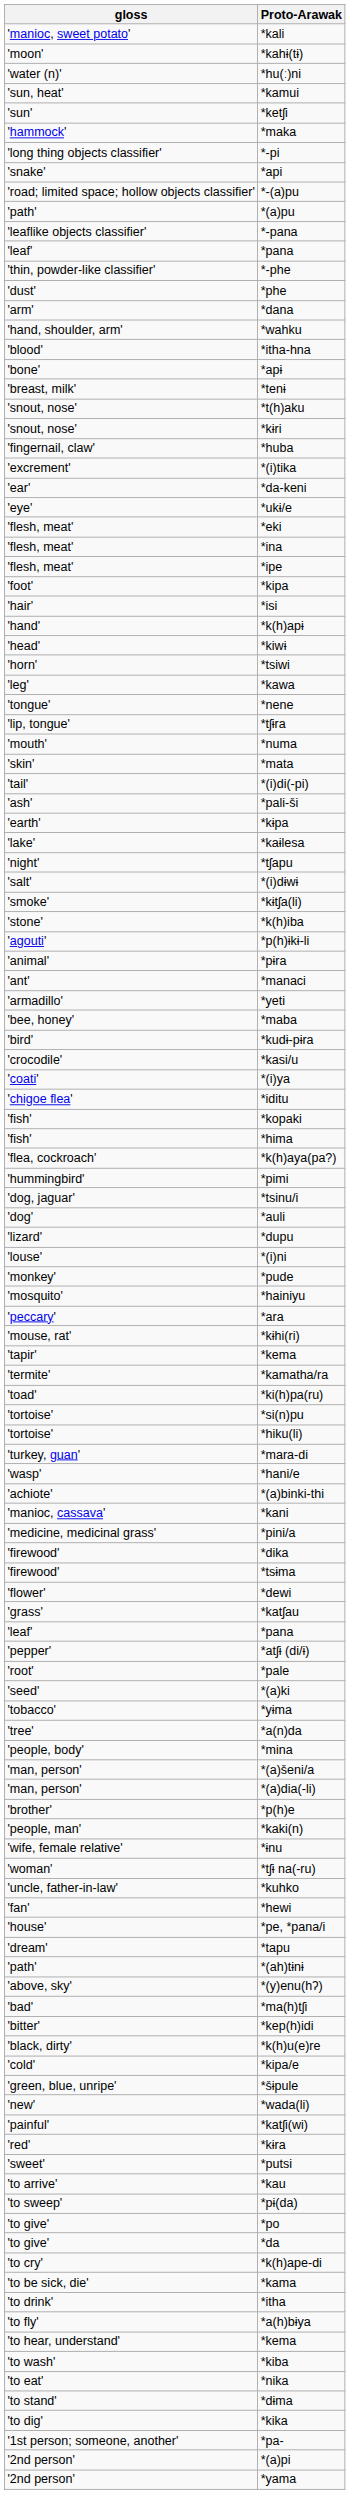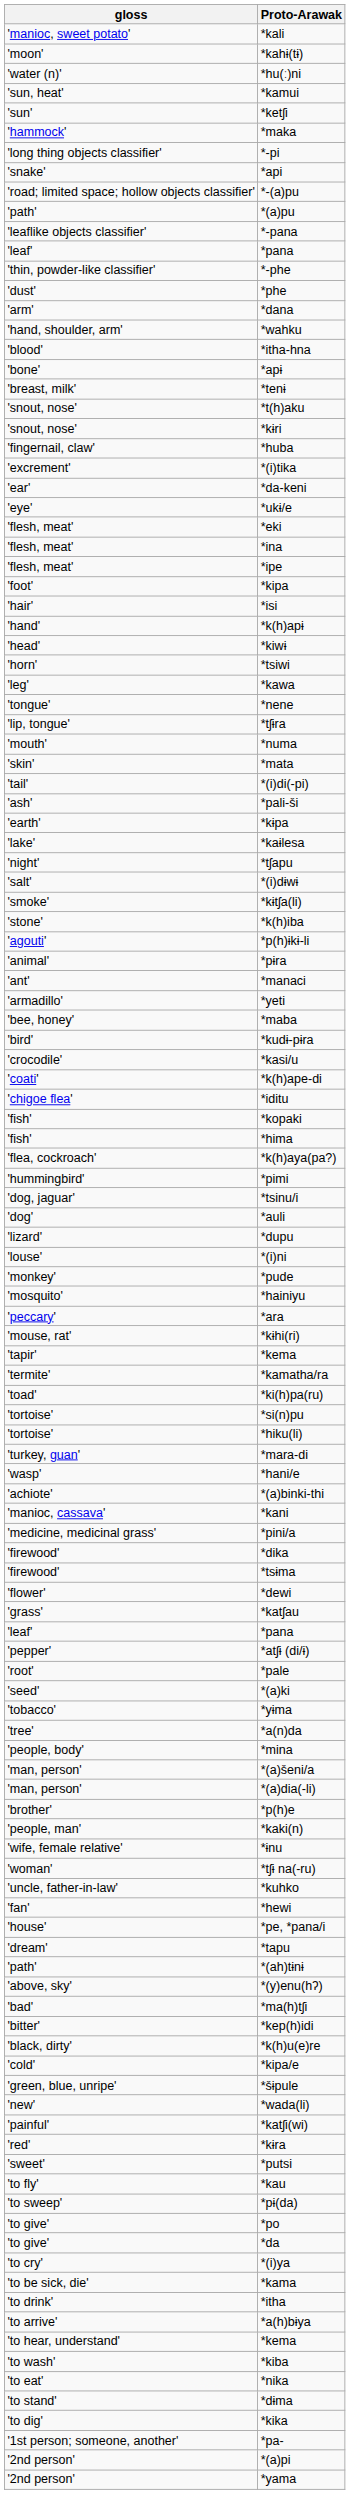 <table class="wikitable sortable" style="font-size: 85%">
 <tr>
 <th>gloss</th>
 <th>Proto-Arawak</th>
 </tr>
 <tr>
 <td>'<a href='#'>manioc</a>, <a href='#'>sweet potato</a>'</td>
 <td>*kali</td>
 </tr>
 <tr>
 <td>'moon'</td>
 <td>*kahɨ(tɨ)</td>
 </tr>
 <tr>
 <td>'water (n)'</td>
 <td>*hu(ː)ni</td>
 </tr>
 <tr>
 <td>'sun, heat'</td>
 <td>*kamui</td>
 </tr>
 <tr>
 <td>'sun'</td>
 <td>*ketʃi</td>
 </tr>
 <tr>
 <td>'<a href='#'>hammock</a>'</td>
 <td>*maka</td>
 </tr>
 <tr>
 <td>'long thing objects classifier'</td>
 <td>*-pi</td>
 </tr>
 <tr>
 <td>'snake'</td>
 <td>*api</td>
 </tr>
 <tr>
 <td>'road; limited space; hollow objects classifier'</td>
 <td>*-(a)pu</td>
 </tr>
 <tr>
 <td>'path'</td>
 <td>*(a)pu</td>
 </tr>
 <tr>
 <td>'leaflike objects classifier'</td>
 <td>*-pana</td>
 </tr>
 <tr>
 <td>'leaf'</td>
 <td>*pana</td>
 </tr>
 <tr>
 <td>'thin, powder-like classifier'</td>
 <td>*-phe</td>
 </tr>
 <tr>
 <td>'dust'</td>
 <td>*phe</td>
 </tr>
 <tr>
 <td>'arm'</td>
 <td>*dana</td>
 </tr>
 <tr>
 <td>'hand, shoulder, arm'</td>
 <td>*wahku</td>
 </tr>
 <tr>
 <td>'blood'</td>
 <td>*itha-hna</td>
 </tr>
 <tr>
 <td>'bone'</td>
 <td>*apɨ</td>
 </tr>
 <tr>
 <td>'breast, milk'</td>
 <td>*tenɨ</td>
 </tr>
 <tr>
 <td>'snout, nose'</td>
 <td>*t(h)aku</td>
 </tr>
 <tr>
 <td>'snout, nose'</td>
 <td>*kɨri</td>
 </tr>
 <tr>
 <td>'fingernail, claw'</td>
 <td>*huba</td>
 </tr>
 <tr>
 <td>'excrement'</td>
 <td>*(i)tika</td>
 </tr>
 <tr>
 <td>'ear'</td>
 <td>*da-keni</td>
 </tr>
 <tr>
 <td>'eye'</td>
 <td>*ukɨ/e</td>
 </tr>
 <tr>
 <td>'flesh, meat'</td>
 <td>*eki</td>
 </tr>
 <tr>
 <td>'flesh, meat'</td>
 <td>*ina</td>
 </tr>
 <tr>
 <td>'flesh, meat'</td>
 <td>*ipe</td>
 </tr>
 <tr>
 <td>'foot'</td>
 <td>*kipa</td>
 </tr>
 <tr>
 <td>'hair'</td>
 <td>*isi</td>
 </tr>
 <tr>
 <td>'hand'</td>
 <td>*k(h)apɨ</td>
 </tr>
 <tr>
 <td>'head'</td>
 <td>*kiwɨ</td>
 </tr>
 <tr>
 <td>'horn'</td>
 <td>*tsiwi</td>
 </tr>
 <tr>
 <td>'leg'</td>
 <td>*kawa</td>
 </tr>
 <tr>
 <td>'tongue'</td>
 <td>*nene</td>
 </tr>
 <tr>
 <td>'lip, tongue'</td>
 <td>*tʃɨra</td>
 </tr>
 <tr>
 <td>'mouth'</td>
 <td>*numa</td>
 </tr>
 <tr>
 <td>'skin'</td>
 <td>*mata</td>
 </tr>
 <tr>
 <td>'tail'</td>
 <td>*(i)di(-pi)</td>
 </tr>
 <tr>
 <td>'ash'</td>
 <td>*pali-ši</td>
 </tr>
 <tr>
 <td>'earth'</td>
 <td>*kɨpa</td>
 </tr>
 <tr>
 <td>'lake'</td>
 <td>*kaɨlesa</td>
 </tr>
 <tr>
 <td>'night'</td>
 <td>*tʃapu</td>
 </tr>
 <tr>
 <td>'salt'</td>
 <td>*(i)dɨwɨ</td>
 </tr>
 <tr>
 <td>'smoke'</td>
 <td>*kɨtʃa(li)</td>
 </tr>
 <tr>
 <td>'stone'</td>
 <td>*k(h)iba</td>
 </tr>
 <tr>
 <td>'<a href='#'>agouti</a>'</td>
 <td>*p(h)ɨkɨ-li</td>
 </tr>
 <tr>
 <td>'animal'</td>
 <td>*pɨra</td>
 </tr>
 <tr>
 <td>'ant'</td>
 <td>*manaci</td>
 </tr>
 <tr>
 <td>'armadillo'</td>
 <td>*yeti</td>
 </tr>
 <tr>
 <td>'bee, honey'</td>
 <td>*maba</td>
 </tr>
 <tr>
 <td>'bird'</td>
 <td>*kudɨ-pɨra</td>
 </tr>
 <tr>
 <td>'crocodile'</td>
 <td>*kasi/u</td>
 </tr>
 <tr>
 <td>'<a href='#'>coati</a>'</td>
-<td>*(i)ya</td>
+<td>*k(h)ape-di</td>
 </tr>
 <tr>
 <td>'<a href='#'>chigoe flea</a>'</td>
 <td>*iditu</td>
 </tr>
 <tr>
 <td>'fish'</td>
 <td>*kopaki</td>
 </tr>
 <tr>
 <td>'fish'</td>
 <td>*hima</td>
 </tr>
 <tr>
 <td>'flea, cockroach'</td>
 <td>*k(h)aya(pa?)</td>
 </tr>
 <tr>
 <td>'hummingbird'</td>
 <td>*pimi</td>
 </tr>
 <tr>
 <td>'dog, jaguar'</td>
 <td>*tsinu/i</td>
 </tr>
 <tr>
 <td>'dog'</td>
 <td>*auli</td>
 </tr>
 <tr>
 <td>'lizard'</td>
 <td>*dupu</td>
 </tr>
 <tr>
 <td>'louse'</td>
 <td>*(i)ni</td>
 </tr>
 <tr>
 <td>'monkey'</td>
 <td>*pude</td>
 </tr>
 <tr>
 <td>'mosquito'</td>
 <td>*hainiyu</td>
 </tr>
 <tr>
 <td>'<a href='#'>peccary</a>'</td>
 <td>*ara</td>
 </tr>
 <tr>
 <td>'mouse, rat'</td>
 <td>*kɨhi(ri)</td>
 </tr>
 <tr>
 <td>'tapir'</td>
 <td>*kema</td>
 </tr>
 <tr>
 <td>'termite'</td>
 <td>*kamatha/ra</td>
 </tr>
 <tr>
 <td>'toad'</td>
 <td>*ki(h)pa(ru)</td>
 </tr>
 <tr>
 <td>'tortoise'</td>
 <td>*si(n)pu</td>
 </tr>
 <tr>
 <td>'tortoise'</td>
 <td>*hiku(li)</td>
 </tr>
 <tr>
 <td>'turkey, <a href='#'>guan</a>'</td>
 <td>*mara-di</td>
 </tr>
 <tr>
 <td>'wasp'</td>
 <td>*hani/e</td>
 </tr>
 <tr>
 <td>'achiote'</td>
 <td>*(a)binki-thi</td>
 </tr>
 <tr>
 <td>'manioc, <a href='#'>cassava</a>'</td>
 <td>*kani</td>
 </tr>
 <tr>
 <td>'medicine, medicinal grass'</td>
 <td>*pini/a</td>
 </tr>
 <tr>
 <td>'firewood'</td>
 <td>*dika</td>
 </tr>
 <tr>
 <td>'firewood'</td>
 <td>*tsɨma</td>
 </tr>
 <tr>
 <td>'flower'</td>
 <td>*dewi</td>
 </tr>
 <tr>
 <td>'grass'</td>
 <td>*katʃau</td>
 </tr>
 <tr>
 <td>'leaf'</td>
 <td>*pana</td>
 </tr>
 <tr>
 <td>'pepper'</td>
 <td>*atʃɨ (di/ɨ)</td>
 </tr>
 <tr>
 <td>'root'</td>
 <td>*pale</td>
 </tr>
 <tr>
 <td>'seed'</td>
 <td>*(a)ki</td>
 </tr>
 <tr>
 <td>'tobacco'</td>
 <td>*yɨma</td>
 </tr>
 <tr>
 <td>'tree'</td>
 <td>*a(n)da</td>
 </tr>
 <tr>
 <td>'people, body'</td>
 <td>*mina</td>
 </tr>
 <tr>
 <td>'man, person'</td>
 <td>*(a)šeni/a</td>
 </tr>
 <tr>
 <td>'man, person'</td>
 <td>*(a)dia(-li)</td>
 </tr>
 <tr>
 <td>'brother'</td>
 <td>*p(h)e</td>
 </tr>
 <tr>
 <td>'people, man'</td>
 <td>*kaki(n)</td>
 </tr>
 <tr>
 <td>'wife, female relative'</td>
 <td>*ɨnu</td>
 </tr>
 <tr>
 <td>'woman'</td>
 <td>*tʃɨ na(-ru)</td>
 </tr>
 <tr>
 <td>'uncle, father-in-law'</td>
 <td>*kuhko</td>
 </tr>
 <tr>
 <td>'fan'</td>
 <td>*hewi</td>
 </tr>
 <tr>
 <td>'house'</td>
 <td>*pe, *pana/i</td>
 </tr>
 <tr>
 <td>'dream'</td>
 <td>*tapu</td>
 </tr>
 <tr>
 <td>'path'</td>
 <td>*(ah)tɨnɨ</td>
 </tr>
 <tr>
 <td>'above, sky'</td>
 <td>*(y)enu(hʔ)</td>
 </tr>
 <tr>
 <td>'bad'</td>
 <td>*ma(h)tʃi</td>
 </tr>
 <tr>
 <td>'bitter'</td>
 <td>*kep(h)idi</td>
 </tr>
 <tr>
 <td>'black, dirty'</td>
 <td>*k(h)u(e)re</td>
 </tr>
 <tr>
 <td>'cold'</td>
 <td>*kipa/e</td>
 </tr>
 <tr>
 <td>'green, blue, unripe'</td>
 <td>*šɨpule</td>
 </tr>
 <tr>
 <td>'new'</td>
 <td>*wada(li)</td>
 </tr>
 <tr>
 <td>'painful'</td>
 <td>*katʃi(wi)</td>
 </tr>
 <tr>
 <td>'red'</td>
 <td>*kɨra</td>
 </tr>
 <tr>
 <td>'sweet'</td>
 <td>*putsi</td>
 </tr>
 <tr>
-<td>'to arrive'</td>
+<td>'to fly'</td>
 <td>*kau</td>
 </tr>
 <tr>
 <td>'to sweep'</td>
 <td>*pɨ(da)</td>
 </tr>
 <tr>
 <td>'to give'</td>
 <td>*po</td>
 </tr>
 <tr>
 <td>'to give'</td>
 <td>*da</td>
 </tr>
 <tr>
 <td>'to cry'</td>
-<td>*k(h)ape-di</td>
+<td>*(i)ya</td>
 </tr>
 <tr>
 <td>'to be sick, die'</td>
 <td>*kama</td>
 </tr>
 <tr>
 <td>'to drink'</td>
 <td>*itha</td>
 </tr>
 <tr>
-<td>'to fly'</td>
+<td>'to arrive'</td>
 <td>*a(h)bɨya</td>
 </tr>
 <tr>
 <td>'to hear, understand'</td>
 <td>*kema</td>
 </tr>
 <tr>
 <td>'to wash'</td>
 <td>*kiba</td>
 </tr>
 <tr>
 <td>'to eat'</td>
 <td>*nika</td>
 </tr>
 <tr>
 <td>'to stand'</td>
 <td>*dɨma</td>
 </tr>
 <tr>
 <td>'to dig'</td>
 <td>*kika</td>
 </tr>
 <tr>
 <td>'1st person; someone, another'</td>
 <td>*pa-</td>
 </tr>
 <tr>
 <td>'2nd person'</td>
 <td>*(a)pi</td>
 </tr>
 <tr>
 <td>'2nd person'</td>
 <td>*yama</td>
 </tr>
 </table>
